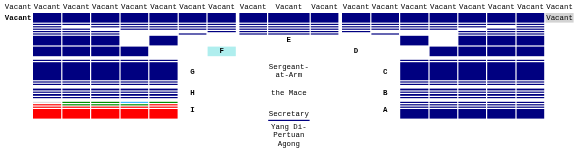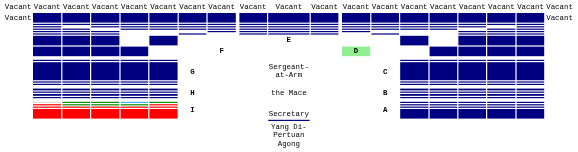 <table style="font-size:95%; text-align:center;">
 <tr>
 <td>Vacant</td>
 <td>Vacant</td>
 <td>Vacant</td>
 <td>Vacant</td>
 <td>Vacant</td>
 <td>Vacant</td>
 <td>Vacant</td>
 <td>Vacant</td>
 <td></td>
 <td>Vacant</td>
 <td>Vacant</td>
 <td>Vacant</td>
 <td></td>
 <td>Vacant</td>
 <td>Vacant</td>
 <td>Vacant</td>
 <td>Vacant</td>
 <td>Vacant</td>
 <td>Vacant</td>
 <td>Vacant</td>
 <td>Vacant</td>
 </tr>
 <tr>
-<td><strong>Vacant</strong></td>
+<td>Vacant</td>
 <td style="background-color:#000080;"></td>
 <td style="background-color:#000080;"></td>
 <td style="background-color:#000080;"></td>
 <td style="background-color:#000080;"></td>
 <td style="background-color:#000080;"></td>
 <td style="background-color:#000080;"></td>
 <td style="background-color:#000080;"></td>
 <td></td>
 <td style="background-color:#000080;"></td>
 <td style="background-color:#000080;"></td>
 <td style="background-color:#000080;"></td>
 <td></td>
 <td style="background-color:#000080;"></td>
 <td style="background-color:#000080;"></td>
 <td style="background-color:#000080;"></td>
 <td style="background-color:#000080;"></td>
 <td style="background-color:#000080;"></td>
 <td style="background-color:#000080;"></td>
 <td style="background-color:#000080;"></td>
-<td style="background: lightgrey;">Vacant</td>
+<td>Vacant</td>
 </tr>
 <tr>
 <td></td>
 <td style="background-color:#000080;"></td>
 <td style="background-color:#000080;"></td>
 <td style="background-color:#000080;"></td>
 <td style="background-color:#000080;"></td>
 <td style="background-color:#000080;"></td>
 <td style="background-color:#000080;"></td>
 <td style="background-color:#000080;"></td>
 <td></td>
 <td style="background-color:#000080;"></td>
 <td style="background-color:#000080;"></td>
 <td style="background-color:#000080;"></td>
 <td></td>
 <td style="background-color:#000080;"></td>
 <td style="background-color:#000080;"></td>
 <td style="background-color:#000080;"></td>
 <td style="background-color:#000080;"></td>
 <td style="background-color:#000080;"></td>
 <td style="background-color:#000080;"></td>
 <td style="background-color:#000080;"></td>
 <td></td>
 <td></td>
 </tr>
 <tr>
 <td></td>
 <td style="background-color:#000080;"></td>
 <td></td>
 <td style="background-color:#000080;"></td>
 <td style="background-color:#000080;"></td>
 <td style="background-color:#000080;"></td>
 <td style="background-color:#000080;"></td>
 <td style="background-color:#000080;"></td>
 <td></td>
 <td style="background-color:#000080;"></td>
 <td style="background-color:#000080;"></td>
 <td style="background-color:#000080;"></td>
 <td></td>
 <td style="background-color:#000080;"></td>
 <td style="background-color:#000080;"></td>
 <td style="background-color:#000080;"></td>
 <td style="background-color:#000080;"></td>
 <td style="background-color:#000080;"></td>
 <td></td>
 <td style="background-color:#000080;"></td>
 <td></td>
 </tr>
 <tr>
 <td></td>
 <td style="background-color:#000080;"></td>
 <td style="background-color:#000080;"></td>
 <td></td>
 <td style="background-color:#000080;"></td>
 <td style="background-color:#000080;"></td>
 <td style="background-color:#000080;"></td>
 <td style="background-color:#000080;"></td>
 <td></td>
 <td style="background-color:#000080;"></td>
 <td style="background-color:#000080;"></td>
 <td style="background-color:#000080;"></td>
 <td></td>
 <td style="background-color:#000080;"></td>
 <td style="background-color:#000080;"></td>
 <td style="background-color:#000080;"></td>
 <td style="background-color:#000080;"></td>
 <td></td>
 <td style="background-color:#000080;"></td>
 <td style="background-color:#000080;"></td>
 <td></td>
 </tr>
 <tr>
 <td></td>
 <td style="background-color:#000080;"></td>
 <td style="background-color:#000080;"></td>
 <td style="background-color:#000080;"></td>
 <td></td>
 <td></td>
 <td></td>
 <td style="background-color:#000080;"></td>
 <td></td>
 <td style="background-color:#000080;"></td>
 <td style="background-color:#000080;"></td>
 <td style="background-color:#000080;"></td>
 <td></td>
 <td style="background-color:#000080;"></td>
 <td></td>
 <td></td>
 <td></td>
 <td style="background-color:#000080;"></td>
 <td style="background-color:#000080;"></td>
 <td style="background-color:#000080;"></td>
 <td></td>
 </tr>
 <tr>
 <td></td>
 <td style="background-color:#000080;"></td>
 <td style="background-color:#000080;"></td>
 <td style="background-color:#000080;"></td>
 <td></td>
 <td></td>
 <td style="background-color:#000080;"></td>
 <td></td>
 <td></td>
 <td style="background-color:#000080;"></td>
 <td style="background-color:#000080;"></td>
 <td style="background-color:#000080;"></td>
 <td></td>
 <td></td>
 <td style="background-color:#000080;"></td>
 <td></td>
 <td></td>
 <td style="background-color:#000080;"></td>
 <td style="background-color:#000080;"></td>
 <td style="background-color:#000080;"></td>
 <td></td>
 </tr>
 <tr>
 <td></td>
 <td style="background-color:#000080;"></td>
 <td style="background-color:#000080;"></td>
 <td style="background-color:#000080;"></td>
 <td></td>
 <td style="background-color:#000080;"></td>
 <td></td>
 <td></td>
 <td></td>
 <td colspan=3><strong>E</strong></td>
 <td></td>
 <td></td>
 <td></td>
 <td style="background-color:#000080;"></td>
 <td></td>
 <td style="background-color:#000080;"></td>
 <td style="background-color:#000080;"></td>
 <td style="background-color:#000080;"></td>
 <td></td>
 </tr>
 <tr>
 <td></td>
 <td style="background-color:#000080;"></td>
 <td style="background-color:#000080;"></td>
 <td style="background-color:#000080;"></td>
 <td style="background-color:#000080;"></td>
 <td></td>
 <td></td>
-<td style="background: paleturquoise;"><strong>F</strong></td>
+<td><strong>F</strong></td>
 <td></td>
 <td></td>
 <td></td>
 <td></td>
 <td></td>
-<td><strong>D</strong></td>
+<td style="background: lightgreen;"><strong>D</strong></td>
 <td></td>
 <td></td>
 <td style="background-color:#000080;"></td>
 <td style="background-color:#000080;"></td>
 <td style="background-color:#000080;"></td>
 <td style="background-color:#000080;"></td>
 <td></td>
 </tr>
 <tr>
 <td colspan=21></td>
 </tr>
 <tr>
 <td></td>
 <td style="background-color:#000080;"></td>
 <td style="background-color:#000080;"></td>
 <td style="background-color:#000080;"></td>
 <td style="background-color:#000080;"></td>
 <td style="background-color:#000080;"></td>
 <td rowspan=4><strong>G</strong></td>
 <td></td>
 <td></td>
 <td></td>
 <td></td>
 <td></td>
 <td></td>
 <td></td>
 <td rowspan=4><strong>C</strong></td>
 <td style="background-color:#000080;"></td>
 <td style="background-color:#000080;"></td>
 <td style="background-color:#000080;"></td>
 <td style="background-color:#000080;"></td>
 <td style="background-color:#000080;"></td>
 <td></td>
 </tr>
 <tr>
 <td></td>
 <td style="background-color:#000080;"></td>
 <td style="background-color:#000080;"></td>
 <td style="background-color:#000080;"></td>
 <td style="background-color:#000080;"></td>
 <td style="background-color:#000080;"></td>
 <td></td>
 <td></td>
 <td></td>
 <td>Sergeant-at-Arm</td>
 <td></td>
 <td></td>
 <td></td>
 <td style="background-color:#000080;"></td>
 <td style="background-color:#000080;"></td>
 <td style="background-color:#000080;"></td>
 <td style="background-color:#000080;"></td>
 <td style="background-color:#000080;"></td>
 <td></td>
 </tr>
 <tr>
 <td></td>
 <td style="background-color:#000080;"></td>
 <td style="background-color:#000080;"></td>
 <td style="background-color:#000080;"></td>
 <td style="background-color:#000080;"></td>
 <td style="background-color:#000080;"></td>
 <td></td>
 <td></td>
 <td></td>
 <td></td>
 <td></td>
 <td></td>
 <td></td>
 <td style="background-color:#000080;"></td>
 <td style="background-color:#000080;"></td>
 <td style="background-color:#000080;"></td>
 <td style="background-color:#000080;"></td>
 <td style="background-color:#000080;"></td>
 <td></td>
 </tr>
 <tr>
 <td></td>
 <td style="background-color:#000080;"></td>
 <td style="background-color:#000080;"></td>
 <td style="background-color:#000080;"></td>
 <td style="background-color:#000080;"></td>
 <td style="background-color:#000080;"></td>
 <td></td>
 <td></td>
 <td></td>
 <td></td>
 <td></td>
 <td></td>
 <td></td>
 <td style="background-color:#000080;"></td>
 <td style="background-color:#000080;"></td>
 <td style="background-color:#000080;"></td>
 <td style="background-color:#000080;"></td>
 <td style="background-color:#000080;"></td>
 <td></td>
 </tr>
 <tr>
 <td colspan=21></td>
 </tr>
 <tr>
 <td></td>
 <td style="background-color:#000080;"></td>
 <td style="background-color:#000080;"></td>
 <td style="background-color:#000080;"></td>
 <td style="background-color:#000080;"></td>
 <td style="background-color:#000080;"></td>
 <td rowspan=4><strong>H</strong></td>
 <td></td>
 <td></td>
 <td></td>
 <td rowspan=4>the Mace</td>
 <td></td>
 <td></td>
 <td></td>
 <td rowspan=4><strong>B</strong></td>
 <td style="background-color:#000080;"></td>
 <td style="background-color:#000080;"></td>
 <td style="background-color:#000080;"></td>
 <td style="background-color:#000080;"></td>
 <td style="background-color:#000080;"></td>
 <td></td>
 </tr>
 <tr>
 <td></td>
 <td style="background-color:#000080;"></td>
 <td style="background-color:#000080;"></td>
 <td style="background-color:#000080;"></td>
 <td style="background-color:#000080;"></td>
 <td style="background-color:#000080;"></td>
 <td></td>
 <td></td>
 <td></td>
 <td></td>
 <td></td>
 <td></td>
 <td style="background-color:#000080;"></td>
 <td style="background-color:#000080;"></td>
 <td style="background-color:#000080;"></td>
 <td style="background-color:#000080;"></td>
 <td style="background-color:#000080;"></td>
 <td></td>
 </tr>
 <tr>
 <td></td>
 <td style="background-color:#000080;"></td>
 <td style="background-color:#000080;"></td>
 <td style="background-color:#000080;"></td>
 <td style="background-color:#000080;"></td>
 <td style="background-color:#000080;"></td>
 <td></td>
 <td></td>
 <td></td>
 <td></td>
 <td></td>
 <td></td>
 <td style="background-color:#000080;"></td>
 <td style="background-color:#000080;"></td>
 <td style="background-color:#000080;"></td>
 <td style="background-color:#000080;"></td>
 <td style="background-color:#000080;"></td>
 <td></td>
 </tr>
 <tr>
 <td></td>
 <td style="background-color:#000080;"></td>
 <td style="background-color:#000080;"></td>
 <td style="background-color:#000080;"></td>
 <td style="background-color:#000080;"></td>
 <td style="background-color:#000080;"></td>
 <td></td>
 <td></td>
 <td></td>
 <td></td>
 <td></td>
 <td></td>
 <td style="background-color:#000080;"></td>
 <td style="background-color:#000080;"></td>
 <td style="background-color:#000080;"></td>
 <td style="background-color:#000080;"></td>
 <td style="background-color:#000080;"></td>
 <td></td>
 </tr>
 <tr>
 <td colspan=21></td>
 </tr>
 <tr>
 <td></td>
 <td style="background-color:#DDDDDD;"></td>
 <td style="background-color:#009000;"></td>
 <td style="background-color:#009000;"></td>
 <td style="background-color:#3BB9FF;"></td>
 <td style="background-color:#009000;"></td>
 <td rowspan=4><strong>I</strong></td>
 <td></td>
 <td></td>
 <td></td>
 <td></td>
 <td></td>
 <td></td>
 <td></td>
 <td rowspan=4><strong>A</strong></td>
 <td style="background-color:#000080;"></td>
 <td style="background-color:#000080;"></td>
 <td style="background-color:#000080;"></td>
 <td style="background-color:#000080;"></td>
 <td style="background-color:#000080;"></td>
 <td></td>
 </tr>
 <tr>
 <td></td>
 <td style="background-color:#FF0000;"></td>
 <td style="background-color:#009000;"></td>
 <td style="background-color:#009000;"></td>
 <td style="background-color:#009000;"></td>
 <td style="background-color:#FF0000;"></td>
 <td></td>
 <td></td>
 <td></td>
 <td></td>
 <td></td>
 <td></td>
 <td></td>
 <td style="background-color:#000080;"></td>
 <td style="background-color:#000080;"></td>
 <td style="background-color:#000080;"></td>
 <td style="background-color:#000080;"></td>
 <td style="background-color:#000080;"></td>
 <td></td>
 </tr>
 <tr>
 <td></td>
 <td style="background-color:#FF0000;"></td>
 <td style="background-color:#FF0000;"></td>
 <td style="background-color:#FF0000;"></td>
 <td style="background-color:#FF0000;"></td>
 <td style="background-color:#FF0000;"></td>
 <td></td>
 <td></td>
 <td></td>
 <td></td>
 <td></td>
 <td></td>
 <td></td>
 <td style="background-color:#000080;"></td>
 <td style="background-color:#000080;"></td>
 <td style="background-color:#000080;"></td>
 <td style="background-color:#000080;"></td>
 <td style="background-color:#000080;"></td>
 <td></td>
 </tr>
 <tr>
 <td></td>
 <td style="background-color:#FF0000;"></td>
 <td style="background-color:#FF0000;"></td>
 <td style="background-color:#FF0000;"></td>
 <td style="background-color:#FF0000;"></td>
 <td style="background-color:#FF0000;"></td>
 <td></td>
 <td></td>
 <td></td>
 <td>Secretary</td>
 <td></td>
 <td></td>
 <td></td>
 <td style="background-color:#000080;"></td>
 <td style="background-color:#000080;"></td>
 <td style="background-color:#000080;"></td>
 <td style="background-color:#000080;"></td>
 <td style="background-color:#000080;"></td>
 <td></td>
 </tr>
 <tr>
 <td colspan=10></td>
 <td style="background-color:#000080;"></td>
 <td colspan=10></td>
 </tr>
 <tr>
 <td colspan=10></td>
 <td>Yang Di-Pertuan Agong</td>
 <td colspan=10></td>
 </tr>
 </table>
